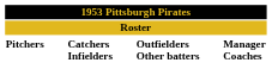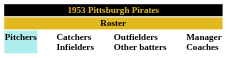 <table class="toccolours" style="font-size: 95%;">
 <tr>
 <th colspan="10" style="background-color: black; color: #e1b81e; text-align: center;">1953 Pittsburgh Pirates</th>
 </tr>
 <tr>
 <td colspan="10" style="background-color: #e1b81e; color: black; text-align: center;"><strong>Roster</strong></td>
 </tr>
 <tr>
-<td valign="top"><strong>Pitchers</strong><br>              </td>
+<td valign="top" style="background: paleturquoise;"><strong>Pitchers</strong><br>              </td>
 <td width="25px"></td>
 <td valign="top"><strong>Catchers</strong><br>        <strong>Infielders</strong>           </td>
 <td width="25px"></td>
 <td valign="top"><strong>Outfielders</strong><br>        <strong>Other batters</strong>  </td>
 <td width="25px"></td>
 <td valign="top"><strong>Manager</strong><br> <strong>Coaches</strong>    </td>
 </tr>
 </table>
